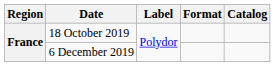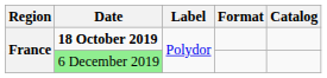 <table class="wikitable plainrowheaders">
 <tr>
 <th>Region</th>
 <th>Date</th>
 <th>Label</th>
 <th>Format</th>
 <th>Catalog</th>
 </tr>
 <tr>
 <th scope="row" rowspan="2">France</th>
-<td>18 October 2019</td>
+<td><strong>18 October 2019</strong></td>
 <td rowspan="2"><a href='#'>Polydor</a></td>
 <td></td>
 <td></td>
 </tr>
 <tr>
-<td>6 December 2019</td>
+<td style="background: lightgreen;">6 December 2019</td>
 <td></td>
 <td></td>
 </tr>
 </table>
